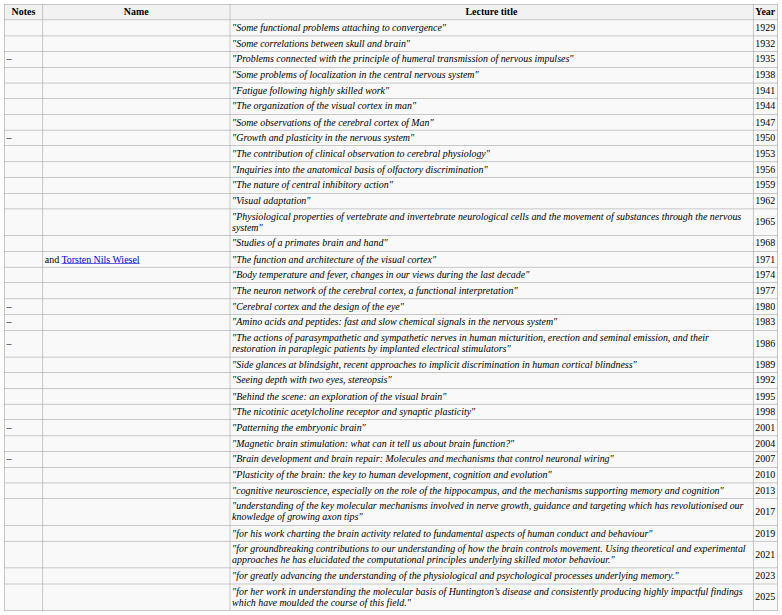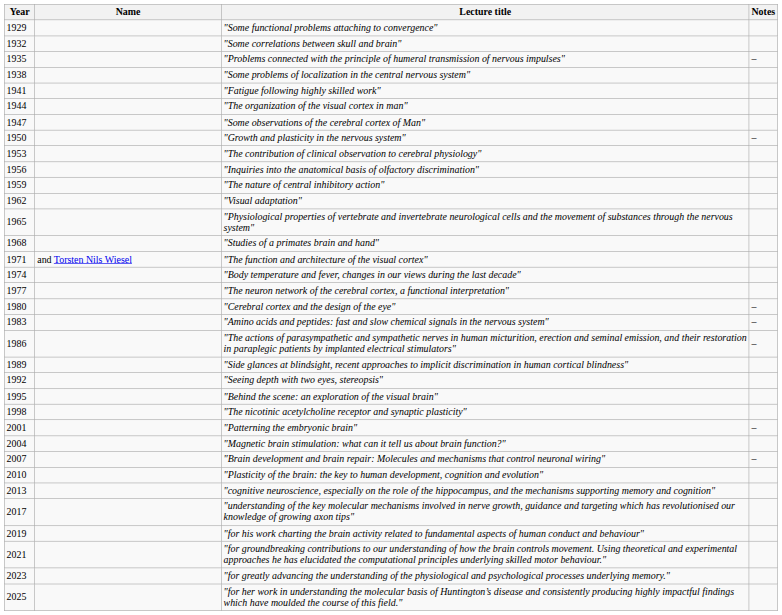 <table class="wikitable sortable" border="1" style="align:left;">
 <tr>
-<th width="5%" class="unsortable">Notes</th>
+<th width="4%">Year</th>
 <th width="25%"class="unsortable">Name</th>
 <th width="78%" class="unsortable">Lecture title</th>
-<th width="4%">Year</th>
+<th width="5%" class="unsortable">Notes</th>
 </tr>
 <tr>
-<td></td>
+<td>1929</td>
 <td></td>
 <td><em>"Some functional problems attaching to convergence"</em></td>
-<td>1929</td>
+<td></td>
 </tr>
 <tr>
-<td></td>
+<td>1932</td>
 <td></td>
 <td><em>"Some correlations between skull and brain"</em></td>
-<td>1932</td>
+<td></td>
 </tr>
 <tr>
-<td>–</td>
+<td>1935</td>
 <td></td>
 <td><em>"Problems connected with the principle of humeral transmission of nervous impulses"</em></td>
-<td>1935</td>
+<td>–</td>
 </tr>
 <tr>
-<td></td>
+<td>1938</td>
 <td></td>
 <td><em>"Some problems of localization in the central nervous system"</em></td>
-<td>1938</td>
+<td></td>
 </tr>
 <tr>
-<td></td>
+<td>1941</td>
 <td></td>
 <td><em>"Fatigue following highly skilled work"</em></td>
-<td>1941</td>
+<td></td>
 </tr>
 <tr>
-<td></td>
+<td>1944</td>
 <td></td>
 <td><em>"The organization of the visual cortex in man"</em></td>
-<td>1944</td>
+<td></td>
 </tr>
 <tr>
-<td></td>
+<td>1947</td>
 <td></td>
 <td><em>"Some observations of the cerebral cortex of Man"</em></td>
-<td>1947</td>
+<td></td>
 </tr>
 <tr>
-<td>–</td>
+<td>1950</td>
 <td></td>
 <td><em>"Growth and plasticity in the nervous system"</em></td>
-<td>1950</td>
+<td>–</td>
 </tr>
 <tr>
-<td></td>
+<td>1953</td>
 <td></td>
 <td><em>"The contribution of clinical observation to cerebral physiology"</em></td>
-<td>1953</td>
+<td></td>
 </tr>
 <tr>
-<td></td>
+<td>1956</td>
 <td></td>
 <td><em>"Inquiries into the anatomical basis of olfactory discrimination"</em></td>
-<td>1956</td>
+<td></td>
 </tr>
 <tr>
-<td></td>
+<td>1959</td>
 <td></td>
 <td><em>"The nature of central inhibitory action"</em></td>
-<td>1959</td>
+<td></td>
 </tr>
 <tr>
-<td></td>
+<td>1962</td>
 <td></td>
 <td><em>"Visual adaptation"</em></td>
-<td>1962</td>
+<td></td>
 </tr>
 <tr>
-<td></td>
+<td>1965</td>
 <td></td>
 <td><em>"Physiological properties of vertebrate and invertebrate neurological cells and the movement of substances through the nervous system"</em></td>
-<td>1965</td>
+<td></td>
 </tr>
 <tr>
-<td></td>
+<td>1968</td>
 <td></td>
 <td><em>"Studies of a primates brain and hand"</em></td>
-<td>1968</td>
+<td></td>
 </tr>
 <tr>
-<td></td>
+<td>1971</td>
 <td> and <a href='#'>Torsten Nils Wiesel</a></td>
 <td><em>"The function and architecture of the visual cortex"</em></td>
-<td>1971</td>
+<td></td>
 </tr>
 <tr>
-<td></td>
+<td>1974</td>
 <td></td>
 <td><em>"Body temperature and fever, changes in our views during the last decade"</em></td>
-<td>1974</td>
+<td></td>
 </tr>
 <tr>
-<td></td>
+<td>1977</td>
 <td></td>
 <td><em>"The neuron network of the cerebral cortex, a functional interpretation"</em></td>
-<td>1977</td>
+<td></td>
 </tr>
 <tr>
-<td>–</td>
+<td>1980</td>
 <td></td>
 <td><em>"Cerebral cortex and the design of the eye"</em></td>
-<td>1980</td>
+<td>–</td>
 </tr>
 <tr>
-<td>–</td>
+<td>1983</td>
 <td></td>
 <td><em>"Amino acids and peptides: fast and slow chemical signals in the nervous system"</em></td>
-<td>1983</td>
+<td>–</td>
 </tr>
 <tr>
-<td>–</td>
+<td>1986</td>
 <td></td>
 <td><em>"The actions of parasympathetic and sympathetic nerves in human micturition, erection and seminal emission, and their restoration in paraplegic patients by implanted electrical stimulators"</em></td>
-<td>1986</td>
+<td>–</td>
 </tr>
 <tr>
-<td></td>
+<td>1989</td>
 <td></td>
 <td><em>"Side glances at blindsight, recent approaches to implicit discrimination in human cortical blindness"</em></td>
-<td>1989</td>
+<td></td>
 </tr>
 <tr>
-<td></td>
+<td>1992</td>
 <td></td>
 <td><em>"Seeing depth with two eyes, stereopsis"</em></td>
-<td>1992</td>
+<td></td>
 </tr>
 <tr>
-<td></td>
+<td>1995</td>
 <td></td>
 <td><em>"Behind the scene: an exploration of the visual brain"</em></td>
-<td>1995</td>
+<td></td>
 </tr>
 <tr>
-<td></td>
+<td>1998</td>
 <td></td>
 <td><em>"The nicotinic acetylcholine receptor and synaptic plasticity"</em></td>
-<td>1998</td>
+<td></td>
 </tr>
 <tr>
-<td>–</td>
+<td>2001</td>
 <td></td>
 <td><em>"Patterning the embryonic brain"</em></td>
-<td>2001</td>
+<td>–</td>
 </tr>
 <tr>
-<td></td>
+<td>2004</td>
 <td></td>
 <td><em>"Magnetic brain stimulation: what can it tell us about brain function?"</em></td>
-<td>2004</td>
+<td></td>
 </tr>
 <tr>
-<td>–</td>
+<td>2007</td>
 <td></td>
 <td><em>"Brain development and brain repair: Molecules and mechanisms that control neuronal wiring"</em></td>
-<td>2007</td>
+<td>–</td>
 </tr>
 <tr>
-<td></td>
+<td>2010</td>
 <td></td>
 <td><em>"Plasticity of the brain: the key to human development, cognition and evolution"</em></td>
-<td>2010</td>
+<td></td>
 </tr>
 <tr>
-<td></td>
+<td>2013</td>
 <td></td>
 <td><em>"cognitive neuroscience, especially on the role of the hippocampus, and the mechanisms supporting memory and cognition"</em></td>
-<td>2013</td>
+<td></td>
 </tr>
 <tr>
-<td></td>
+<td>2017</td>
 <td></td>
 <td><em>"understanding of the key molecular mechanisms involved in nerve growth, guidance and targeting which has revolutionised our knowledge of growing axon tips"</em></td>
-<td>2017</td>
+<td></td>
 </tr>
 <tr>
-<td></td>
+<td>2019</td>
 <td></td>
 <td><em>"for his work charting the brain activity related to fundamental aspects of human conduct and behaviour"</em></td>
-<td>2019</td>
+<td></td>
 </tr>
 <tr>
-<td></td>
+<td>2021</td>
 <td></td>
 <td><em>"for groundbreaking contributions to our understanding of how the brain controls movement. Using theoretical and experimental approaches he has elucidated the computational principles underlying skilled motor behaviour."</em></td>
-<td>2021</td>
+<td></td>
 </tr>
 <tr>
-<td></td>
+<td>2023</td>
 <td></td>
 <td><em>"for greatly advancing the understanding of the physiological and psychological processes underlying memory."</em></td>
-<td>2023</td>
+<td></td>
 </tr>
 <tr>
-<td></td>
+<td>2025</td>
 <td></td>
 <td><em>"for her work in understanding the molecular basis of Huntington’s disease and consistently producing highly impactful findings which have moulded the course of this field."</em></td>
-<td>2025</td>
+<td></td>
 </tr>
 </table>
